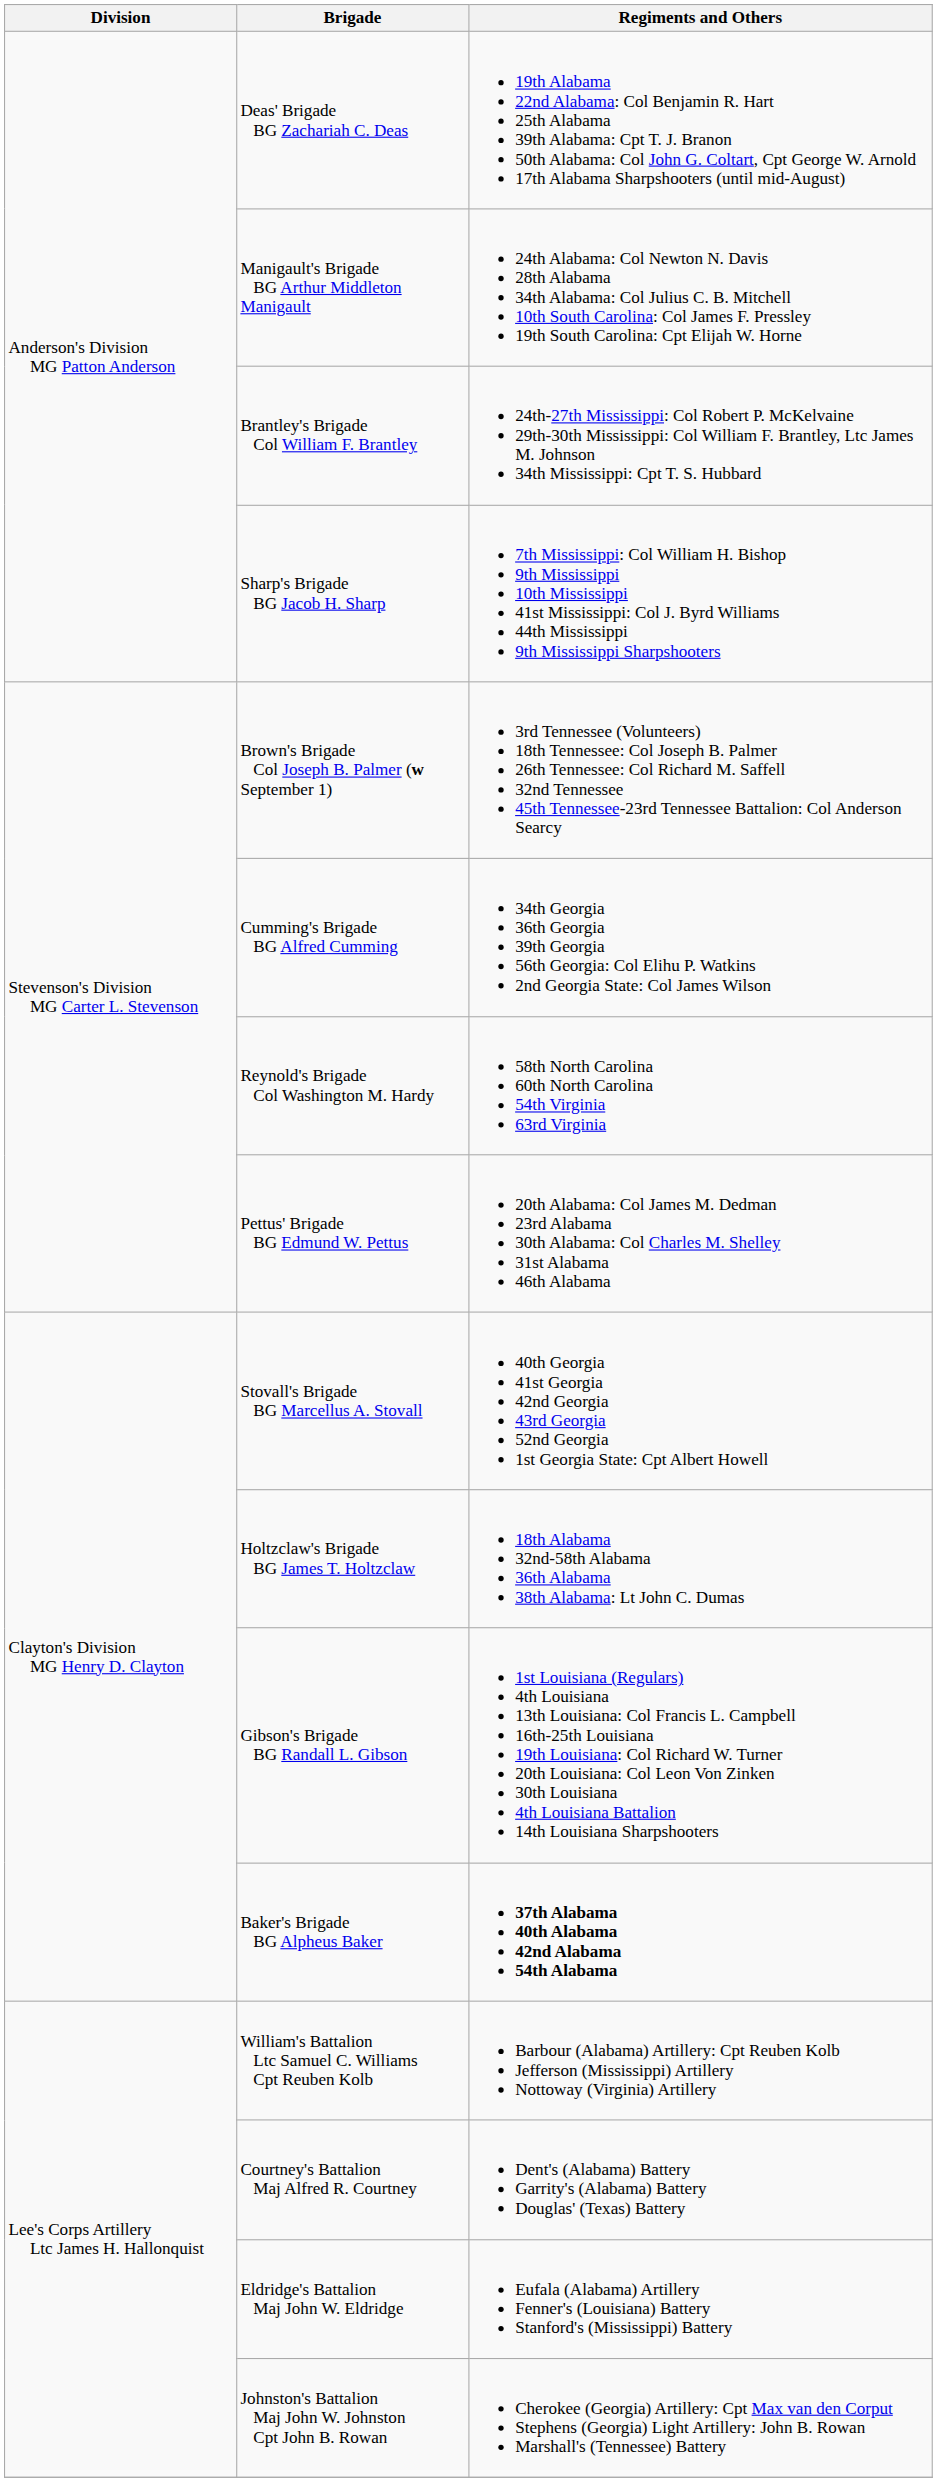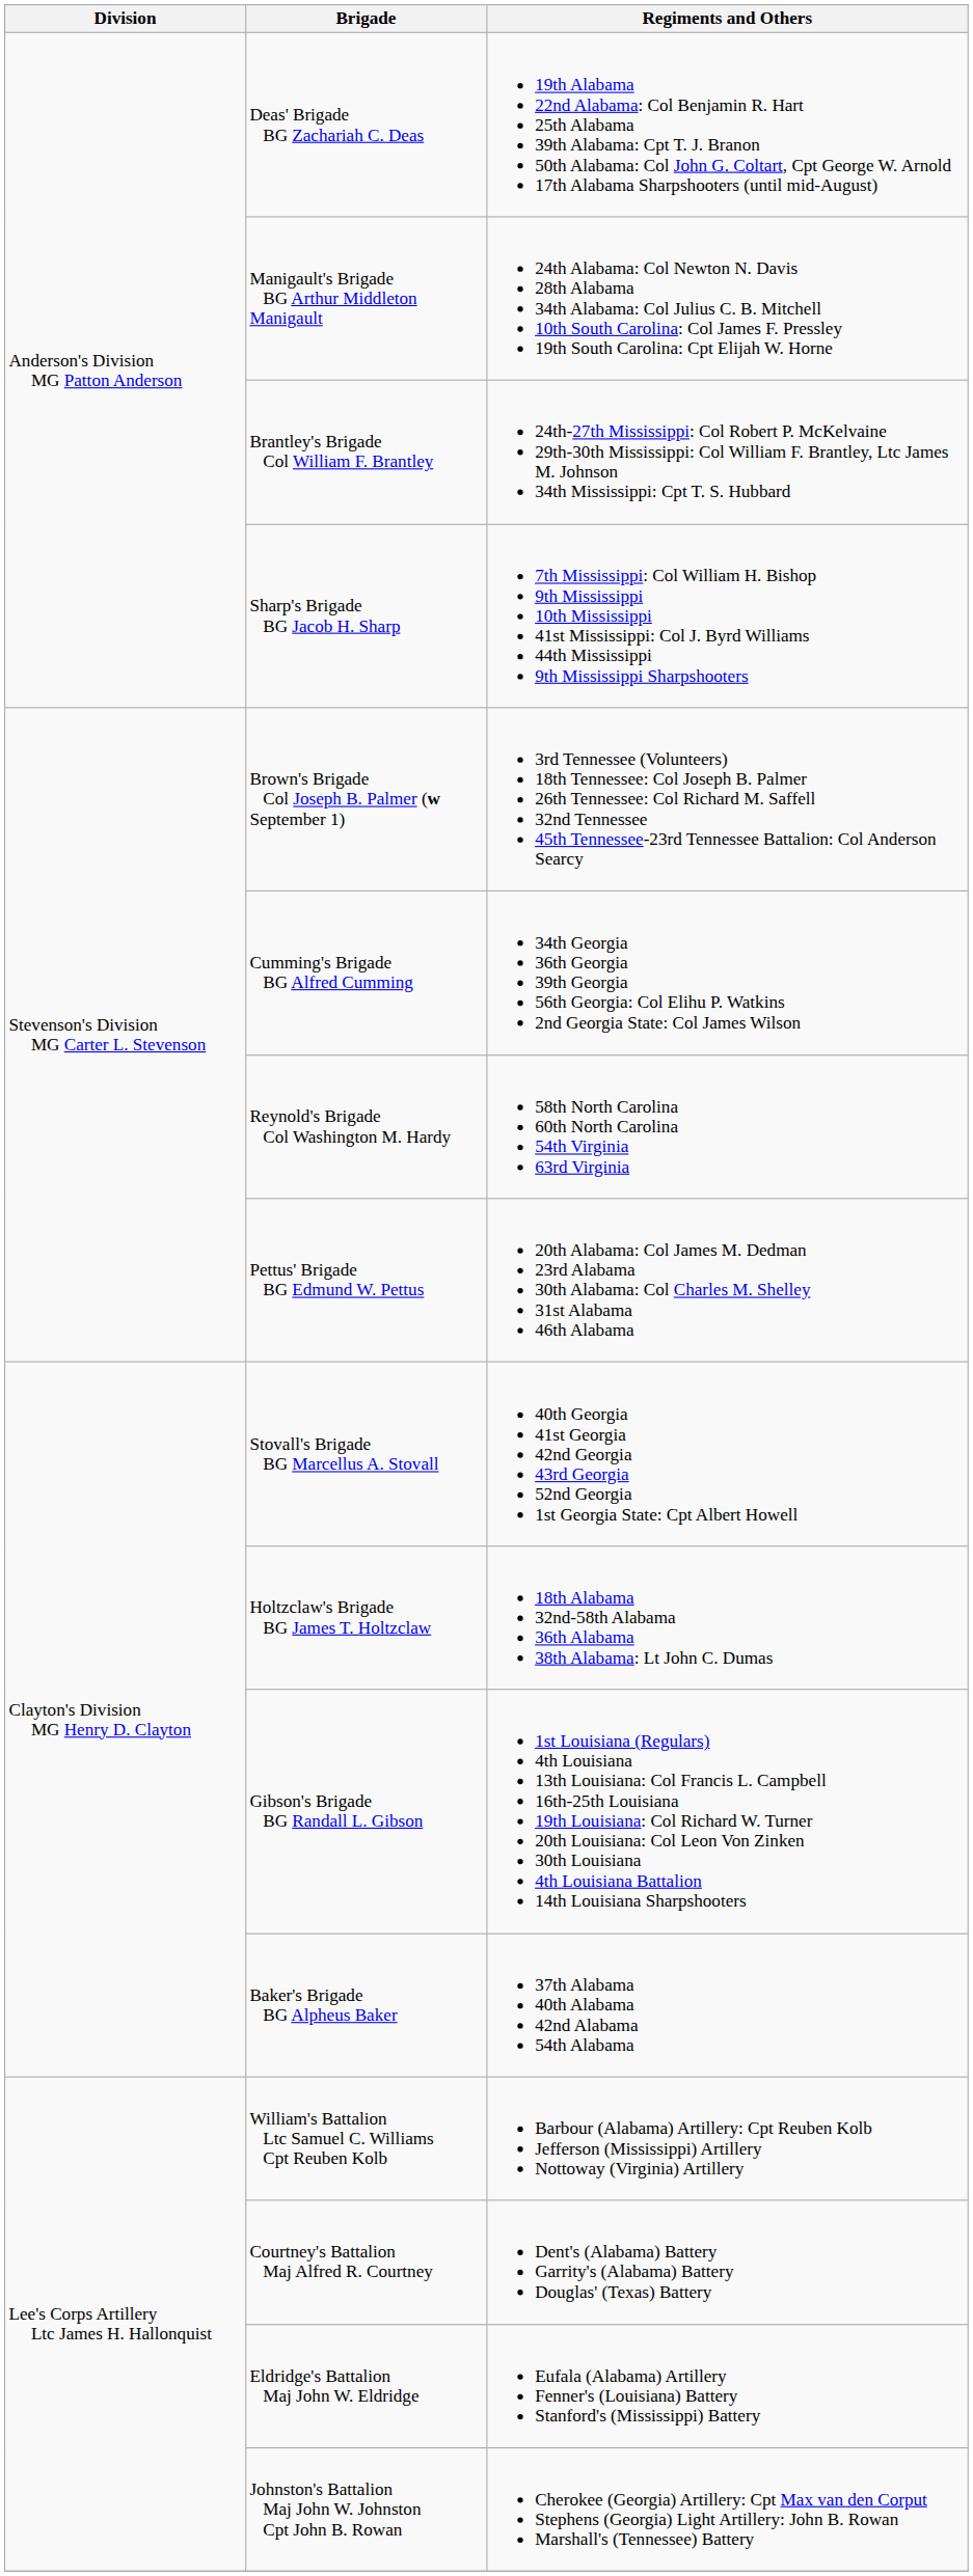 <table class="wikitable">
 <tr>
 <th width="25%">Division</th>
 <th width="25%">Brigade</th>
 <th>Regiments and Others</th>
 </tr>
 <tr>
 <td rowspan="4">Anderson's Division<br>     MG <a href='#'>Patton Anderson</a></td>
 <td>Deas' Brigade<br>   BG <a href='#'>Zachariah C. Deas</a></td>
 <td><br><ul><li><a href='#'>19th Alabama</a></li><li><a href='#'>22nd Alabama</a>: Col Benjamin R. Hart</li><li>25th Alabama</li><li>39th Alabama: Cpt T. J. Branon</li><li>50th Alabama: Col <a href='#'>John G. Coltart</a>, Cpt George W. Arnold</li><li>17th Alabama Sharpshooters (until mid-August)</li></ul></td>
 </tr>
 <tr>
 <td>Manigault's Brigade<br>   BG <a href='#'>Arthur Middleton Manigault</a></td>
 <td><br><ul><li>24th Alabama: Col Newton N. Davis</li><li>28th Alabama</li><li>34th Alabama: Col Julius C. B. Mitchell</li><li><a href='#'>10th South Carolina</a>: Col James F. Pressley</li><li>19th South Carolina: Cpt Elijah W. Horne</li></ul></td>
 </tr>
 <tr>
 <td>Brantley's Brigade<br>   Col <a href='#'>William F. Brantley</a></td>
 <td><br><ul><li>24th-<a href='#'>27th Mississippi</a>: Col Robert P. McKelvaine</li><li>29th-30th Mississippi: Col William F. Brantley, Ltc James M. Johnson</li><li>34th Mississippi: Cpt T. S. Hubbard</li></ul></td>
 </tr>
 <tr>
 <td>Sharp's Brigade<br>   BG <a href='#'>Jacob H. Sharp</a></td>
 <td><br><ul><li><a href='#'>7th Mississippi</a>: Col William H. Bishop</li><li><a href='#'>9th Mississippi</a></li><li><a href='#'>10th Mississippi</a></li><li>41st Mississippi: Col J. Byrd Williams</li><li>44th Mississippi</li><li><a href='#'>9th Mississippi Sharpshooters</a></li></ul></td>
 </tr>
 <tr>
 <td rowspan="4">Stevenson's Division<br>     MG <a href='#'>Carter L. Stevenson</a></td>
 <td>Brown's Brigade<br>   Col <a href='#'>Joseph B. Palmer</a>  (<strong>w</strong> September 1)</td>
 <td><br><ul><li>3rd Tennessee (Volunteers)</li><li>18th Tennessee: Col Joseph B. Palmer</li><li>26th Tennessee: Col Richard M. Saffell</li><li>32nd Tennessee</li><li><a href='#'>45th Tennessee</a>-23rd Tennessee Battalion: Col Anderson Searcy</li></ul></td>
 </tr>
 <tr>
 <td>Cumming's Brigade<br>   BG <a href='#'>Alfred Cumming</a></td>
 <td><br><ul><li>34th Georgia</li><li>36th Georgia</li><li>39th Georgia</li><li>56th Georgia: Col Elihu P. Watkins</li><li>2nd Georgia State: Col James Wilson</li></ul></td>
 </tr>
 <tr>
 <td>Reynold's Brigade<br>   Col Washington M. Hardy</td>
 <td><br><ul><li>58th North Carolina</li><li>60th North Carolina</li><li><a href='#'>54th Virginia</a></li><li><a href='#'>63rd Virginia</a></li></ul></td>
 </tr>
 <tr>
 <td>Pettus' Brigade<br>   BG <a href='#'>Edmund W. Pettus</a></td>
 <td><br><ul><li>20th Alabama: Col James M. Dedman</li><li>23rd Alabama</li><li>30th Alabama: Col <a href='#'>Charles M. Shelley</a></li><li>31st Alabama</li><li>46th Alabama</li></ul></td>
 </tr>
 <tr>
 <td rowspan="4">Clayton's Division<br>     MG <a href='#'>Henry D. Clayton</a></td>
 <td>Stovall's Brigade<br>   BG <a href='#'>Marcellus A. Stovall</a></td>
 <td><br><ul><li>40th Georgia</li><li>41st Georgia</li><li>42nd Georgia</li><li><a href='#'>43rd Georgia</a></li><li>52nd Georgia</li><li>1st Georgia State: Cpt Albert Howell</li></ul></td>
 </tr>
 <tr>
 <td>Holtzclaw's Brigade<br>   BG <a href='#'>James T. Holtzclaw</a></td>
 <td><br><ul><li><a href='#'>18th Alabama</a></li><li>32nd-58th Alabama</li><li><a href='#'>36th Alabama</a></li><li><a href='#'>38th Alabama</a>: Lt John C. Dumas</li></ul></td>
 </tr>
 <tr>
 <td>Gibson's Brigade<br>   BG <a href='#'>Randall L. Gibson</a></td>
 <td><br><ul><li><a href='#'>1st Louisiana (Regulars)</a></li><li>4th Louisiana</li><li>13th Louisiana: Col Francis L. Campbell</li><li>16th-25th Louisiana</li><li><a href='#'>19th Louisiana</a>: Col Richard W. Turner</li><li>20th Louisiana: Col Leon Von Zinken</li><li>30th Louisiana</li><li><a href='#'>4th Louisiana Battalion</a></li><li>14th Louisiana Sharpshooters</li></ul></td>
 </tr>
 <tr>
 <td>Baker's Brigade<br>   BG <a href='#'>Alpheus Baker</a></td>
-<td><strong><br><ul><li>37th Alabama</li><li>40th Alabama</li><li>42nd Alabama</li><li>54th Alabama</li></ul></strong></td>
+<td><br><ul><li>37th Alabama</li><li>40th Alabama</li><li>42nd Alabama</li><li>54th Alabama</li></ul></td>
 </tr>
 <tr>
 <td rowspan="4">Lee's Corps Artillery<br>     Ltc James H. Hallonquist</td>
 <td>William's Battalion<br>   Ltc Samuel C. Williams<br>   Cpt Reuben Kolb</td>
 <td><br><ul><li>Barbour (Alabama) Artillery: Cpt Reuben Kolb</li><li>Jefferson (Mississippi) Artillery</li><li>Nottoway (Virginia) Artillery</li></ul></td>
 </tr>
 <tr>
 <td>Courtney's Battalion<br>   Maj Alfred R. Courtney</td>
 <td><br><ul><li>Dent's (Alabama) Battery</li><li>Garrity's (Alabama) Battery</li><li>Douglas' (Texas) Battery</li></ul></td>
 </tr>
 <tr>
 <td>Eldridge's Battalion<br>   Maj John W. Eldridge</td>
 <td><br><ul><li>Eufala (Alabama) Artillery</li><li>Fenner's (Louisiana) Battery</li><li>Stanford's (Mississippi) Battery</li></ul></td>
 </tr>
 <tr>
 <td>Johnston's Battalion<br>   Maj John W. Johnston<br>   Cpt John B. Rowan</td>
 <td><br><ul><li>Cherokee (Georgia) Artillery: Cpt <a href='#'>Max van den Corput</a></li><li>Stephens (Georgia) Light Artillery: John B. Rowan</li><li>Marshall's (Tennessee) Battery</li></ul></td>
 </tr>
 <tr>
 </tr>
 </table>
